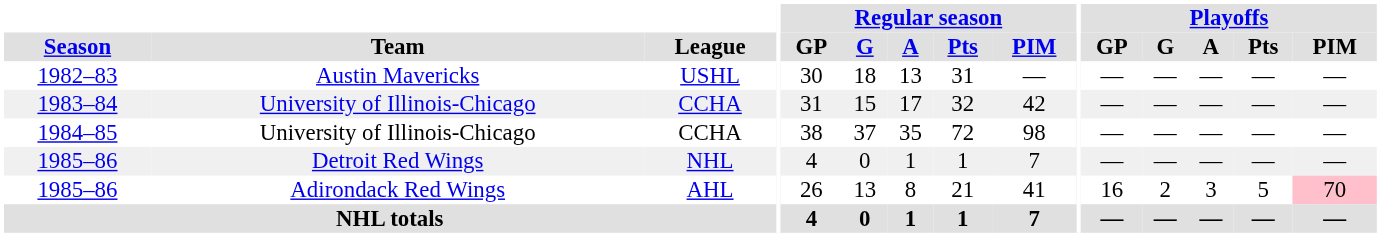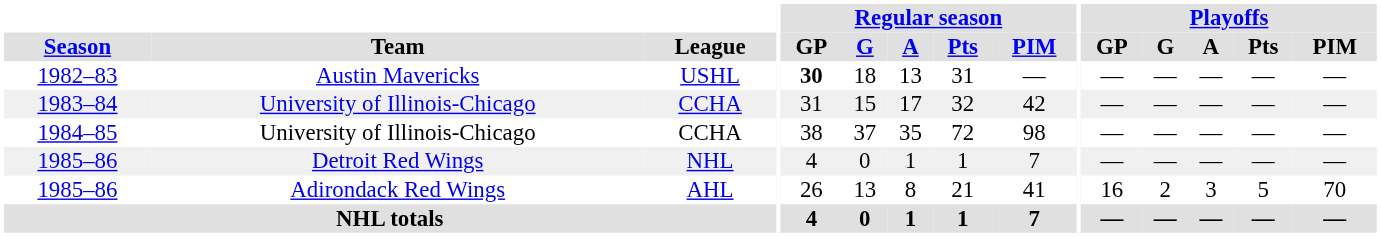 <table border="0" cellpadding="1" cellspacing="0" style="text-align:center; width:60em">
 <tr bgcolor="#e0e0e0">
 <th colspan="3" bgcolor="#ffffff"></th>
 <th rowspan="100" bgcolor="#ffffff"></th>
 <th colspan="5"><a href='#'>Regular season</a></th>
 <th rowspan="100" bgcolor="#ffffff"></th>
 <th colspan="5"><a href='#'>Playoffs</a></th>
 </tr>
 <tr bgcolor="#e0e0e0">
 <th><a href='#'>Season</a></th>
 <th>Team</th>
 <th>League</th>
 <th>GP</th>
 <th><a href='#'>G</a></th>
 <th><a href='#'>A</a></th>
 <th><a href='#'>Pts</a></th>
 <th><a href='#'>PIM</a></th>
 <th>GP</th>
 <th>G</th>
 <th>A</th>
 <th>Pts</th>
 <th>PIM</th>
 </tr>
 <tr>
 <td><a href='#'>1982–83</a></td>
 <td><a href='#'>Austin Mavericks</a></td>
 <td><a href='#'>USHL</a></td>
-<td>30</td>
+<td><strong>30</strong></td>
 <td>18</td>
 <td>13</td>
 <td>31</td>
 <td>—</td>
 <td>—</td>
 <td>—</td>
 <td>—</td>
 <td>—</td>
 <td>—</td>
 </tr>
 <tr bgcolor="#f0f0f0">
 <td><a href='#'>1983–84</a></td>
 <td><a href='#'>University of Illinois-Chicago</a></td>
 <td><a href='#'>CCHA</a></td>
 <td>31</td>
 <td>15</td>
 <td>17</td>
 <td>32</td>
 <td>42</td>
 <td>—</td>
 <td>—</td>
 <td>—</td>
 <td>—</td>
 <td>—</td>
 </tr>
 <tr>
 <td><a href='#'>1984–85</a></td>
 <td>University of Illinois-Chicago</td>
 <td>CCHA</td>
 <td>38</td>
 <td>37</td>
 <td>35</td>
 <td>72</td>
 <td>98</td>
 <td>—</td>
 <td>—</td>
 <td>—</td>
 <td>—</td>
 <td>—</td>
 </tr>
 <tr bgcolor="#f0f0f0">
 <td><a href='#'>1985–86</a></td>
 <td><a href='#'>Detroit Red Wings</a></td>
 <td><a href='#'>NHL</a></td>
 <td>4</td>
 <td>0</td>
 <td>1</td>
 <td>1</td>
 <td>7</td>
 <td>—</td>
 <td>—</td>
 <td>—</td>
 <td>—</td>
 <td>—</td>
 </tr>
 <tr>
 <td><a href='#'>1985–86</a></td>
 <td><a href='#'>Adirondack Red Wings</a></td>
 <td><a href='#'>AHL</a></td>
 <td>26</td>
 <td>13</td>
 <td>8</td>
 <td>21</td>
 <td>41</td>
 <td>16</td>
 <td>2</td>
 <td>3</td>
 <td>5</td>
-<td style="background: pink;">70</td>
+<td>70</td>
 </tr>
 <tr bgcolor="#e0e0e0">
 <th colspan="3">NHL totals</th>
 <th>4</th>
 <th>0</th>
 <th>1</th>
 <th>1</th>
 <th>7</th>
 <th>—</th>
 <th>—</th>
 <th>—</th>
 <th>—</th>
 <th>—</th>
 </tr>
 </table>
